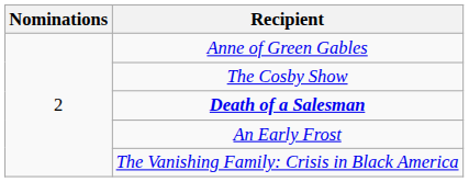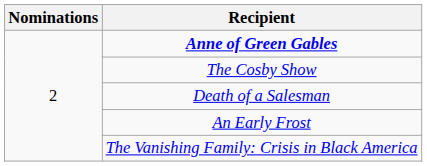 <table class="wikitable sortable" rowspan="2" style="text-align:center;" background: #f6e39c;>
 <tr>
 <th scope="col" style="width:55px;">Nominations</th>
 <th scope="col" style="text-align:center;">Recipient</th>
 </tr>
 <tr>
 <td rowspan="5" style="text-align:center">2</td>
-<td><em><a href='#'>Anne of Green Gables</a></em></td>
+<td><strong><em><a href='#'>Anne of Green Gables</a></em></strong></td>
 </tr>
 <tr>
 <td><em><a href='#'>The Cosby Show</a></em></td>
 </tr>
 <tr>
-<td><strong><em><a href='#'>Death of a Salesman</a></em></strong></td>
+<td><em><a href='#'>Death of a Salesman</a></em></td>
 </tr>
 <tr>
 <td><em><a href='#'>An Early Frost</a></em></td>
 </tr>
 <tr>
 <td><em><a href='#'>The Vanishing Family: Crisis in Black America</a></em></td>
 </tr>
 </table>
